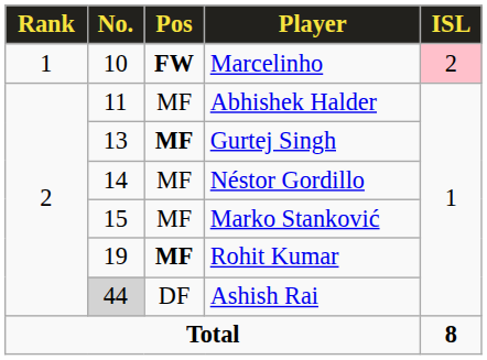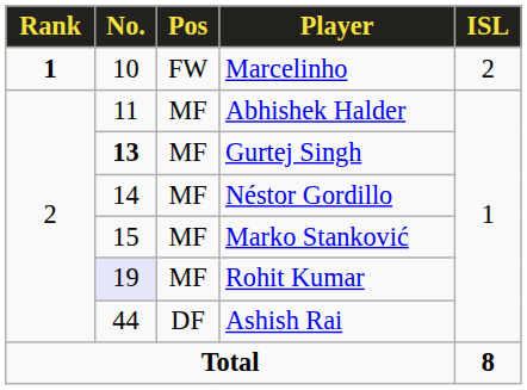 <table class="wikitable" style="text-align: center;width:50%;">
 <tr>
 <th style="background:#22211D; color:#F7E33F">Rank</th>
 <th style="background:#22211D; color:#F7E33F">No.</th>
 <th style="background:#22211D; color:#F7E33F">Pos</th>
 <th style="background:#22211D; color:#F7E33F">Player</th>
 <th style="background:#22211D; color:#F7E33F">ISL</th>
 </tr>
 <tr>
-<td>1</td>
+<td><strong>1</strong></td>
 <td>10</td>
-<td><strong>FW</strong></td>
+<td>FW</td>
 <td align=left> <a href='#'>Marcelinho</a></td>
-<td style="background: pink;">2</td>
+<td>2</td>
 </tr>
 <tr>
 <td rowspan=6>2</td>
 <td>11</td>
 <td>MF</td>
 <td align=left> <a href='#'>Abhishek Halder</a></td>
 <td rowspan=6>1</td>
 </tr>
 <tr>
-<td>13</td>
-<td><strong>MF</strong></td>
+<td><strong>13</strong></td>
+<td>MF</td>
 <td align=left> <a href='#'>Gurtej Singh</a></td>
 </tr>
 <tr>
 <td>14</td>
 <td>MF</td>
 <td align=left> <a href='#'>Néstor Gordillo</a></td>
 </tr>
 <tr>
 <td>15</td>
 <td>MF</td>
 <td align=left> <a href='#'>Marko Stanković</a></td>
 </tr>
 <tr>
-<td>19</td>
-<td><strong>MF</strong></td>
+<td style="background: lavender;">19</td>
+<td>MF</td>
 <td align=left> <a href='#'>Rohit Kumar</a></td>
 </tr>
 <tr>
-<td style="background: lightgrey;">44</td>
+<td>44</td>
 <td>DF</td>
 <td align=left> <a href='#'>Ashish Rai</a></td>
 </tr>
 <tr>
 <td colspan="4"><strong>Total</strong></td>
 <td><strong>8</strong></td>
 </tr>
 </table>
